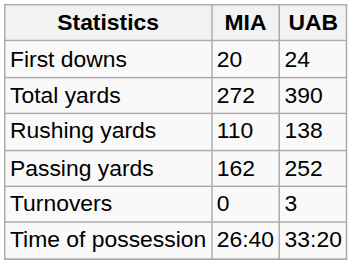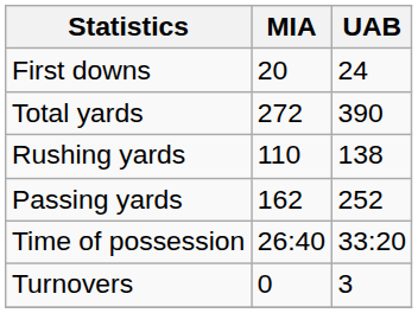 <table class="wikitable">
 <tr>
 <th>Statistics</th>
 <th>MIA</th>
 <th>UAB</th>
 </tr>
 <tr>
 <td>First downs</td>
 <td>20</td>
 <td>24</td>
 </tr>
 <tr>
 <td>Total yards</td>
 <td>272</td>
 <td>390</td>
 </tr>
 <tr>
 <td>Rushing yards</td>
 <td>110</td>
 <td>138</td>
 </tr>
 <tr>
 <td>Passing yards</td>
 <td>162</td>
 <td>252</td>
 </tr>
 <tr>
+<td>Time of possession</td>
+<td>26:40</td>
+<td>33:20</td>
+</tr>
+<tr>
 <td>Turnovers</td>
 <td>0</td>
 <td>3</td>
 </tr>
 <tr>
-<td>Time of possession</td>
-<td>26:40</td>
-<td>33:20</td>
-</tr>
-<tr>
 </tr>
 </table>
